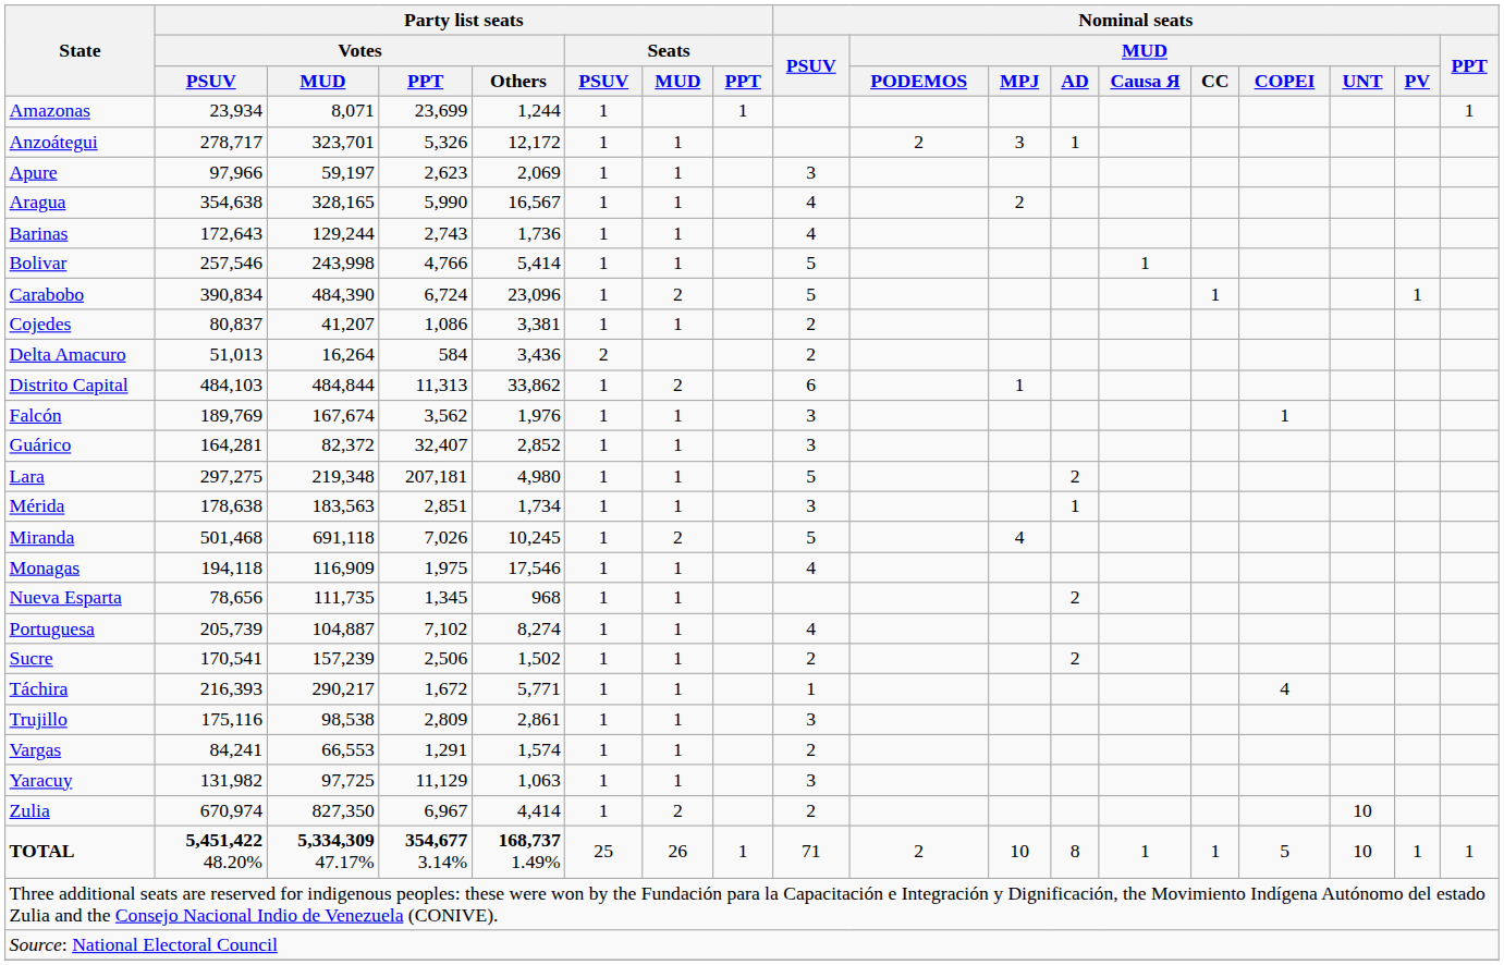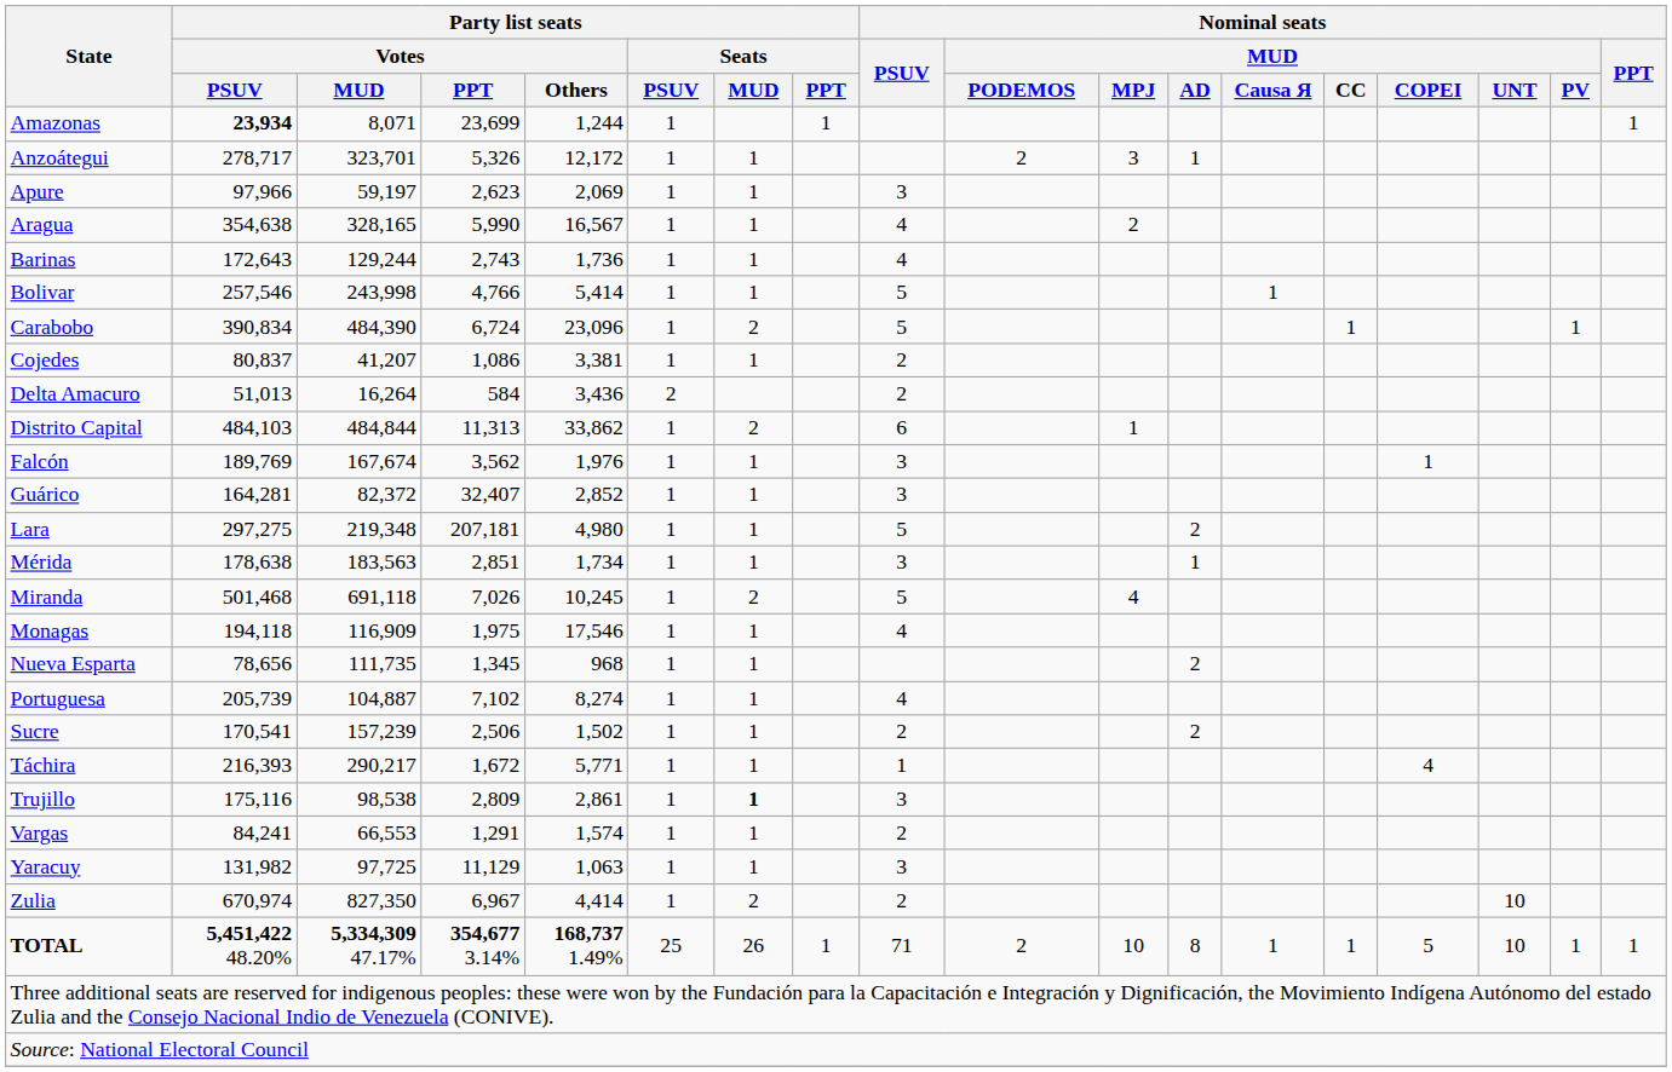 <table class="wikitable">
 <tr>
 <th rowspan=3>State</th>
 <th colspan=7>Party list seats</th>
 <th colspan=10>Nominal seats</th>
 </tr>
 <tr>
 <th colspan=4>Votes</th>
 <th colspan=3>Seats</th>
 <th rowspan=2><a href='#'>PSUV</a></th>
 <th colspan=8><a href='#'>MUD</a></th>
 <th rowspan=2><a href='#'>PPT</a></th>
 </tr>
 <tr>
 <th><a href='#'>PSUV</a></th>
 <th><a href='#'>MUD</a></th>
 <th><a href='#'>PPT</a></th>
 <th>Others</th>
 <th><a href='#'>PSUV</a></th>
 <th><a href='#'>MUD</a></th>
 <th><a href='#'>PPT</a></th>
 <th><a href='#'>PODEMOS</a></th>
 <th><a href='#'>MPJ</a></th>
 <th><a href='#'>AD</a></th>
 <th><a href='#'>Causa Я</a></th>
 <th>CC</th>
 <th><a href='#'>COPEI</a></th>
 <th><a href='#'>UNT</a></th>
 <th><a href='#'>PV</a></th>
 </tr>
 <tr>
 <td><a href='#'>Amazonas</a></td>
-<td align=right>23,934</td>
+<td align=right><strong>23,934</strong></td>
 <td align=right>8,071</td>
 <td align=right>23,699</td>
 <td align=right>1,244</td>
 <td align=center>1</td>
 <td></td>
 <td align=center>1</td>
 <td></td>
 <td></td>
 <td></td>
 <td></td>
 <td></td>
 <td></td>
 <td></td>
 <td></td>
 <td></td>
 <td align=center>1</td>
 </tr>
 <tr>
 <td><a href='#'>Anzoátegui</a></td>
 <td align=right>278,717</td>
 <td align=right>323,701</td>
 <td align=right>5,326</td>
 <td align=right>12,172</td>
 <td align=center>1</td>
 <td align=center>1</td>
 <td></td>
 <td></td>
 <td align=center>2</td>
 <td align=center>3</td>
 <td align=center>1</td>
 <td></td>
 <td></td>
 <td></td>
 <td></td>
 <td></td>
 <td></td>
 </tr>
 <tr>
 <td><a href='#'>Apure</a></td>
 <td align=right>97,966</td>
 <td align=right>59,197</td>
 <td align=right>2,623</td>
 <td align=right>2,069</td>
 <td align=center>1</td>
 <td align=center>1</td>
 <td></td>
 <td align=center>3</td>
 <td></td>
 <td></td>
 <td></td>
 <td></td>
 <td></td>
 <td></td>
 <td></td>
 <td></td>
 <td></td>
 </tr>
 <tr>
 <td><a href='#'>Aragua</a></td>
 <td align=right>354,638</td>
 <td align=right>328,165</td>
 <td align=right>5,990</td>
 <td align=right>16,567</td>
 <td align=center>1</td>
 <td align=center>1</td>
 <td></td>
 <td align=center>4</td>
 <td></td>
 <td align=center>2</td>
 <td></td>
 <td></td>
 <td></td>
 <td></td>
 <td></td>
 <td></td>
 <td></td>
 </tr>
 <tr>
 <td><a href='#'>Barinas</a></td>
 <td align=right>172,643</td>
 <td align=right>129,244</td>
 <td align=right>2,743</td>
 <td align=right>1,736</td>
 <td align=center>1</td>
 <td align=center>1</td>
 <td></td>
 <td align=center>4</td>
 <td></td>
 <td></td>
 <td></td>
 <td></td>
 <td></td>
 <td></td>
 <td></td>
 <td></td>
 <td></td>
 </tr>
 <tr>
 <td><a href='#'>Bolivar</a></td>
 <td align=right>257,546</td>
 <td align=right>243,998</td>
 <td align=right>4,766</td>
 <td align=right>5,414</td>
 <td align=center>1</td>
 <td align=center>1</td>
 <td></td>
 <td align=center>5</td>
 <td></td>
 <td></td>
 <td></td>
 <td align=center>1</td>
 <td></td>
 <td></td>
 <td></td>
 <td></td>
 <td></td>
 </tr>
 <tr>
 <td><a href='#'>Carabobo</a></td>
 <td align=right>390,834</td>
 <td align=right>484,390</td>
 <td align=right>6,724</td>
 <td align=right>23,096</td>
 <td align=center>1</td>
 <td align=center>2</td>
 <td></td>
 <td align=center>5</td>
 <td></td>
 <td></td>
 <td></td>
 <td></td>
 <td align=center>1</td>
 <td></td>
 <td></td>
 <td align=center>1</td>
 <td></td>
 </tr>
 <tr>
 <td><a href='#'>Cojedes</a></td>
 <td align=right>80,837</td>
 <td align=right>41,207</td>
 <td align=right>1,086</td>
 <td align=right>3,381</td>
 <td align=center>1</td>
 <td align=center>1</td>
 <td></td>
 <td align=center>2</td>
 <td></td>
 <td></td>
 <td></td>
 <td></td>
 <td></td>
 <td></td>
 <td></td>
 <td></td>
 <td></td>
 </tr>
 <tr>
 <td><a href='#'>Delta Amacuro</a></td>
 <td align=right>51,013</td>
 <td align=right>16,264</td>
 <td align=right>584</td>
 <td align=right>3,436</td>
 <td align=center>2</td>
 <td></td>
 <td></td>
 <td align=center>2</td>
 <td></td>
 <td></td>
 <td></td>
 <td></td>
 <td></td>
 <td></td>
 <td></td>
 <td></td>
 <td></td>
 </tr>
 <tr>
 <td><a href='#'>Distrito Capital</a></td>
 <td align=right>484,103</td>
 <td align=right>484,844</td>
 <td align=right>11,313</td>
 <td align=right>33,862</td>
 <td align=center>1</td>
 <td align=center>2</td>
 <td></td>
 <td align=center>6</td>
 <td></td>
 <td align=center>1</td>
 <td></td>
 <td></td>
 <td></td>
 <td></td>
 <td></td>
 <td></td>
 <td></td>
 </tr>
 <tr>
 <td><a href='#'>Falcón</a></td>
 <td align=right>189,769</td>
 <td align=right>167,674</td>
 <td align=right>3,562</td>
 <td align=right>1,976</td>
 <td align=center>1</td>
 <td align=center>1</td>
 <td></td>
 <td align=center>3</td>
 <td></td>
 <td></td>
 <td></td>
 <td></td>
 <td></td>
 <td align=center>1</td>
 <td></td>
 <td></td>
 <td></td>
 </tr>
 <tr>
 <td><a href='#'>Guárico</a></td>
 <td align=right>164,281</td>
 <td align=right>82,372</td>
 <td align=right>32,407</td>
 <td align=right>2,852</td>
 <td align=center>1</td>
 <td align=center>1</td>
 <td></td>
 <td align=center>3</td>
 <td></td>
 <td></td>
 <td></td>
 <td></td>
 <td></td>
 <td></td>
 <td></td>
 <td></td>
 <td></td>
 </tr>
 <tr>
 <td><a href='#'>Lara</a></td>
 <td align=right>297,275</td>
 <td align=right>219,348</td>
 <td align=right>207,181</td>
 <td align=right>4,980</td>
 <td align=center>1</td>
 <td align=center>1</td>
 <td></td>
 <td align=center>5</td>
 <td></td>
 <td></td>
 <td align=center>2</td>
 <td></td>
 <td></td>
 <td></td>
 <td></td>
 <td></td>
 <td></td>
 </tr>
 <tr>
 <td><a href='#'>Mérida</a></td>
 <td align=right>178,638</td>
 <td align=right>183,563</td>
 <td align=right>2,851</td>
 <td align=right>1,734</td>
 <td align=center>1</td>
 <td align=center>1</td>
 <td></td>
 <td align=center>3</td>
 <td></td>
 <td></td>
 <td align=center>1</td>
 <td></td>
 <td></td>
 <td></td>
 <td></td>
 <td></td>
 <td></td>
 </tr>
 <tr>
 <td><a href='#'>Miranda</a></td>
 <td align=right>501,468</td>
 <td align=right>691,118</td>
 <td align=right>7,026</td>
 <td align=right>10,245</td>
 <td align=center>1</td>
 <td align=center>2</td>
 <td></td>
 <td align=center>5</td>
 <td></td>
 <td align=center>4</td>
 <td></td>
 <td></td>
 <td></td>
 <td></td>
 <td></td>
 <td></td>
 <td></td>
 </tr>
 <tr>
 <td><a href='#'>Monagas</a></td>
 <td align=right>194,118</td>
 <td align=right>116,909</td>
 <td align=right>1,975</td>
 <td align=right>17,546</td>
 <td align=center>1</td>
 <td align=center>1</td>
 <td></td>
 <td align=center>4</td>
 <td></td>
 <td></td>
 <td></td>
 <td></td>
 <td></td>
 <td></td>
 <td></td>
 <td></td>
 <td></td>
 </tr>
 <tr>
 <td><a href='#'>Nueva Esparta</a></td>
 <td align=right>78,656</td>
 <td align=right>111,735</td>
 <td align=right>1,345</td>
 <td align=right>968</td>
 <td align=center>1</td>
 <td align=center>1</td>
 <td></td>
 <td></td>
 <td></td>
 <td></td>
 <td align=center>2</td>
 <td></td>
 <td></td>
 <td></td>
 <td></td>
 <td></td>
 <td></td>
 </tr>
 <tr>
 <td><a href='#'>Portuguesa</a></td>
 <td align=right>205,739</td>
 <td align=right>104,887</td>
 <td align=right>7,102</td>
 <td align=right>8,274</td>
 <td align=center>1</td>
 <td align=center>1</td>
 <td></td>
 <td align=center>4</td>
 <td></td>
 <td></td>
 <td></td>
 <td></td>
 <td></td>
 <td></td>
 <td></td>
 <td></td>
 <td></td>
 </tr>
 <tr>
 <td><a href='#'>Sucre</a></td>
 <td align=right>170,541</td>
 <td align=right>157,239</td>
 <td align=right>2,506</td>
 <td align=right>1,502</td>
 <td align=center>1</td>
 <td align=center>1</td>
 <td></td>
 <td align=center>2</td>
 <td></td>
 <td></td>
 <td align=center>2</td>
 <td></td>
 <td></td>
 <td></td>
 <td></td>
 <td></td>
 <td></td>
 </tr>
 <tr>
 <td><a href='#'>Táchira</a></td>
 <td align=right>216,393</td>
 <td align=right>290,217</td>
 <td align=right>1,672</td>
 <td align=right>5,771</td>
 <td align=center>1</td>
 <td align=center>1</td>
 <td></td>
 <td align=center>1</td>
 <td></td>
 <td></td>
 <td></td>
 <td></td>
 <td></td>
 <td align=center>4</td>
 <td></td>
 <td></td>
 <td></td>
 </tr>
 <tr>
 <td><a href='#'>Trujillo</a></td>
 <td align=right>175,116</td>
 <td align=right>98,538</td>
 <td align=right>2,809</td>
 <td align=right>2,861</td>
 <td align=center>1</td>
-<td align=center>1</td>
+<td align=center><strong>1</strong></td>
 <td></td>
 <td align=center>3</td>
 <td></td>
 <td></td>
 <td></td>
 <td></td>
 <td></td>
 <td></td>
 <td></td>
 <td></td>
 <td></td>
 </tr>
 <tr>
 <td><a href='#'>Vargas</a></td>
 <td align=right>84,241</td>
 <td align=right>66,553</td>
 <td align=right>1,291</td>
 <td align=right>1,574</td>
 <td align=center>1</td>
 <td align=center>1</td>
 <td></td>
 <td align=center>2</td>
 <td></td>
 <td></td>
 <td></td>
 <td></td>
 <td></td>
 <td></td>
 <td></td>
 <td></td>
 <td></td>
 </tr>
 <tr>
 <td><a href='#'>Yaracuy</a></td>
 <td align=right>131,982</td>
 <td align=right>97,725</td>
 <td align=right>11,129</td>
 <td align=right>1,063</td>
 <td align=center>1</td>
 <td align=center>1</td>
 <td></td>
 <td align=center>3</td>
 <td></td>
 <td></td>
 <td></td>
 <td></td>
 <td></td>
 <td></td>
 <td></td>
 <td></td>
 <td></td>
 </tr>
 <tr>
 <td><a href='#'>Zulia</a></td>
 <td align=right>670,974</td>
 <td align=right>827,350</td>
 <td align=right>6,967</td>
 <td align=right>4,414</td>
 <td align=center>1</td>
 <td align=center>2</td>
 <td></td>
 <td align=center>2</td>
 <td></td>
 <td></td>
 <td></td>
 <td></td>
 <td></td>
 <td></td>
 <td align=center>10</td>
 <td></td>
 <td></td>
 </tr>
 <tr>
 <td><strong>TOTAL</strong></td>
 <td align=right><strong>5,451,422</strong><br>48.20%</td>
 <td align=right><strong>5,334,309</strong><br>47.17%</td>
 <td align=right><strong>354,677</strong><br>3.14%</td>
 <td align=right><strong>168,737</strong><br>1.49%</td>
 <td align=center>25</td>
 <td align=center>26</td>
 <td align=center>1</td>
 <td align=center>71</td>
 <td align=center>2</td>
 <td align=center>10</td>
 <td align=center>8</td>
 <td align=center>1</td>
 <td align=center>1</td>
 <td align=center>5</td>
 <td align=center>10</td>
 <td align=center>1</td>
 <td align=center>1</td>
 </tr>
 <tr>
 <td colspan=18>Three additional seats are reserved for indigenous peoples: these were won by the Fundación para la Capacitación e Integración   y Dignificación, the Movimiento Indígena Autónomo   del estado Zulia and the <a href='#'>Consejo Nacional Indio de Venezuela</a> (CONIVE).</td>
 </tr>
 <tr>
 <td colspan=18><em>Source</em>: <a href='#'>National Electoral Council</a></td>
 </tr>
 <tr>
 </tr>
 </table>
